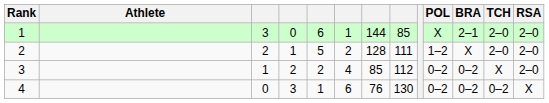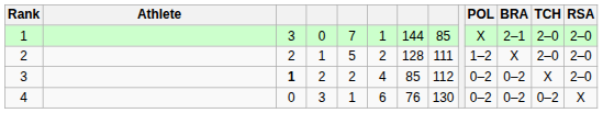 <table class="wikitable" style="text-align:center">
 <tr>
 <th>Rank</th>
 <th width=280>Athlete</th>
 <th width=30></th>
 <th width=30></th>
 <th width=30></th>
 <th width=30></th>
 <th width=30></th>
 <th width=30></th>
 <th rowspan=5></th>
 <th width=30>POL</th>
 <th width=30>BRA</th>
 <th width=30>TCH</th>
 <th width=30>RSA</th>
 </tr>
 <tr style="background-color:#ccffcc;">
 <td>1</td>
 <td align=left></td>
 <td>3</td>
 <td>0</td>
-<td>6</td>
+<td>7</td>
 <td>1</td>
 <td>144</td>
 <td>85</td>
 <td>X</td>
 <td>2–1</td>
 <td>2–0</td>
 <td>2–0</td>
 </tr>
 <tr>
 <td>2</td>
 <td align=left></td>
 <td>2</td>
 <td>1</td>
 <td>5</td>
 <td>2</td>
 <td>128</td>
 <td>111</td>
 <td>1–2</td>
 <td>X</td>
 <td>2–0</td>
 <td>2–0</td>
 </tr>
 <tr>
 <td>3</td>
 <td align=left></td>
-<td>1</td>
+<td><strong>1</strong></td>
 <td>2</td>
 <td>2</td>
 <td>4</td>
 <td>85</td>
 <td>112</td>
 <td>0–2</td>
 <td>0–2</td>
 <td>X</td>
 <td>2–0</td>
 </tr>
 <tr>
 <td>4</td>
 <td align=left></td>
 <td>0</td>
 <td>3</td>
 <td>1</td>
 <td>6</td>
 <td>76</td>
 <td>130</td>
 <td>0–2</td>
 <td>0–2</td>
 <td>0–2</td>
 <td>X</td>
 </tr>
 </table>
